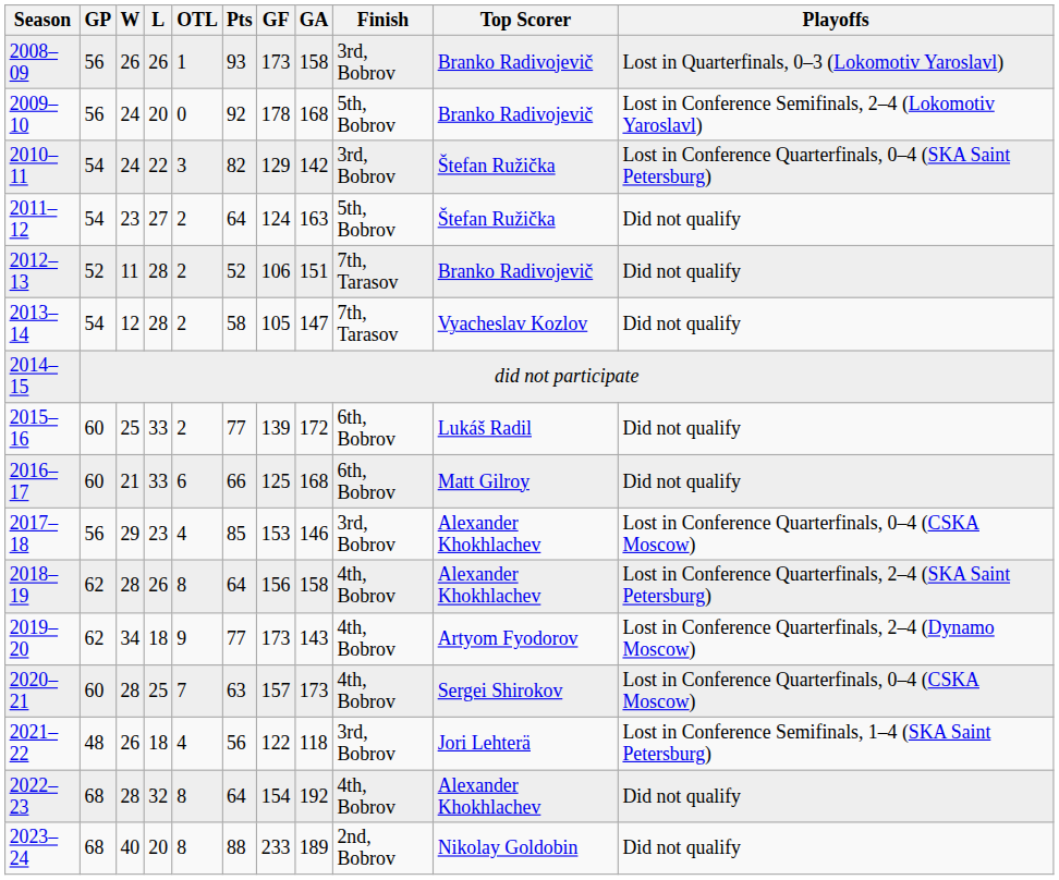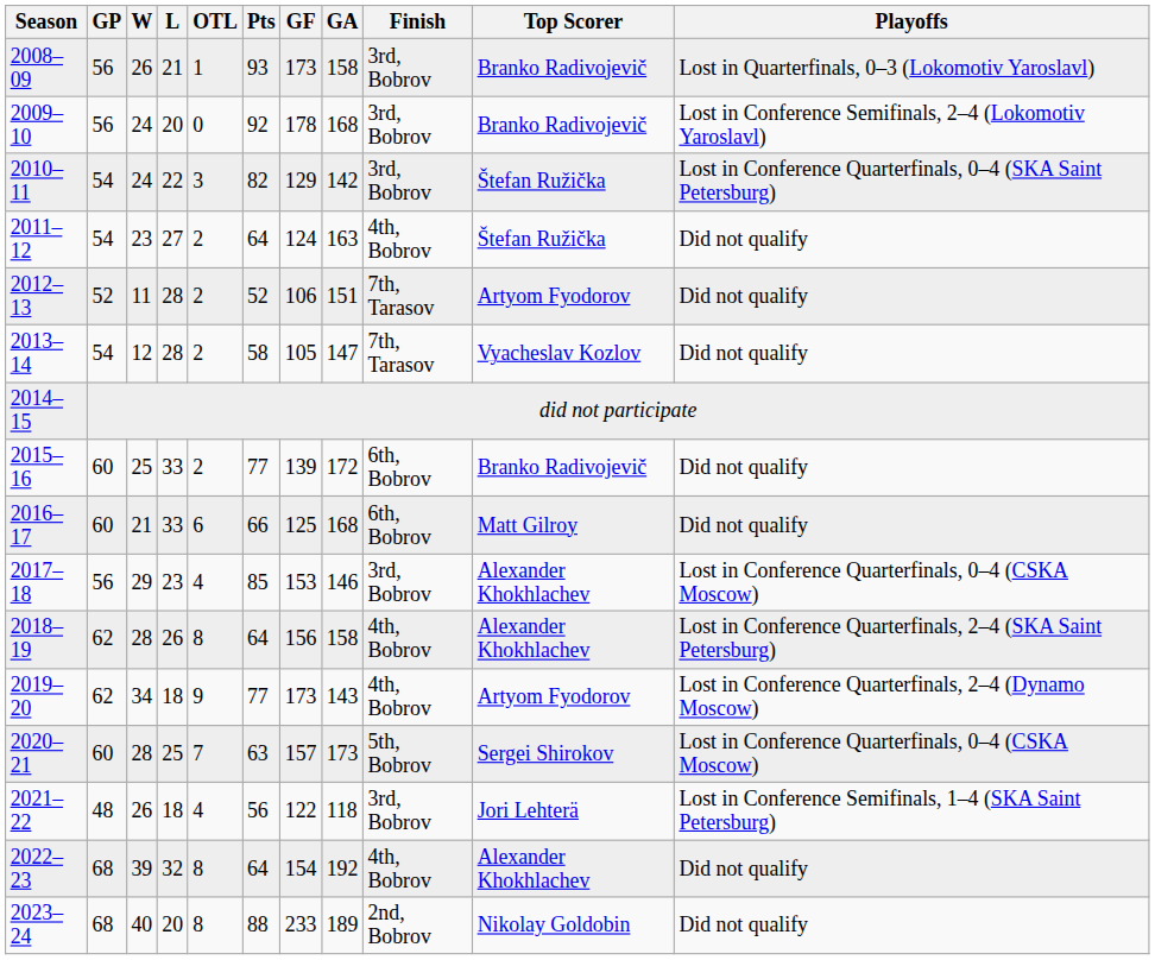 <table class="wikitable">
 <tr>
 <th>Season</th>
 <th>GP</th>
 <th>W</th>
 <th>L</th>
 <th>OTL</th>
 <th>Pts</th>
 <th>GF</th>
 <th>GA</th>
 <th>Finish</th>
 <th>Top Scorer</th>
 <th>Playoffs</th>
 </tr>
 <tr style="background:#eee;">
 <td><a href='#'>2008–09</a></td>
 <td>56</td>
 <td>26</td>
-<td>26</td>
+<td>21</td>
 <td>1</td>
 <td>93</td>
 <td>173</td>
 <td>158</td>
 <td>3rd, Bobrov</td>
 <td><a href='#'>Branko Radivojevič</a> </td>
 <td>Lost in Quarterfinals, 0–3 (<a href='#'>Lokomotiv Yaroslavl</a>)</td>
 </tr>
 <tr>
 <td><a href='#'>2009–10</a></td>
 <td>56</td>
 <td>24</td>
 <td>20</td>
 <td>0</td>
 <td>92</td>
 <td>178</td>
 <td>168</td>
-<td>5th, Bobrov</td>
+<td>3rd, Bobrov</td>
 <td><a href='#'>Branko Radivojevič</a> </td>
 <td>Lost in Conference Semifinals, 2–4 (<a href='#'>Lokomotiv Yaroslavl</a>)</td>
 </tr>
 <tr style="background:#eee;">
 <td><a href='#'>2010–11</a></td>
 <td>54</td>
 <td>24</td>
 <td>22</td>
 <td>3</td>
 <td>82</td>
 <td>129</td>
 <td>142</td>
 <td>3rd, Bobrov</td>
 <td><a href='#'>Štefan Ružička</a> </td>
 <td>Lost in Conference Quarterfinals, 0–4 (<a href='#'>SKA Saint Petersburg</a>)</td>
 </tr>
 <tr>
 <td><a href='#'>2011–12</a></td>
 <td>54</td>
 <td>23</td>
 <td>27</td>
 <td>2</td>
 <td>64</td>
 <td>124</td>
 <td>163</td>
-<td>5th, Bobrov</td>
+<td>4th, Bobrov</td>
 <td><a href='#'>Štefan Ružička</a> </td>
 <td>Did not qualify</td>
 </tr>
 <tr style="background:#eee;">
 <td><a href='#'>2012–13</a></td>
 <td>52</td>
 <td>11</td>
 <td>28</td>
 <td>2</td>
 <td>52</td>
 <td>106</td>
 <td>151</td>
 <td>7th, Tarasov</td>
-<td><a href='#'>Branko Radivojevič</a> </td>
+<td><a href='#'>Artyom Fyodorov</a> </td>
 <td>Did not qualify</td>
 </tr>
 <tr>
 <td><a href='#'>2013–14</a></td>
 <td>54</td>
 <td>12</td>
 <td>28</td>
 <td>2</td>
 <td>58</td>
 <td>105</td>
 <td>147</td>
 <td>7th, Tarasov</td>
 <td><a href='#'>Vyacheslav Kozlov</a> </td>
 <td>Did not qualify</td>
 </tr>
 <tr style="background:#eee;">
 <td><a href='#'>2014–15</a></td>
 <td align="center" colspan="10"><em>did not participate</em></td>
 </tr>
 <tr>
 <td><a href='#'>2015–16</a></td>
 <td>60</td>
 <td>25</td>
 <td>33</td>
 <td>2</td>
 <td>77</td>
 <td>139</td>
 <td>172</td>
 <td>6th, Bobrov</td>
-<td><a href='#'>Lukáš Radil</a> </td>
+<td><a href='#'>Branko Radivojevič</a> </td>
 <td>Did not qualify</td>
 </tr>
 <tr style="background:#eee;">
 <td><a href='#'>2016–17</a></td>
 <td>60</td>
 <td>21</td>
 <td>33</td>
 <td>6</td>
 <td>66</td>
 <td>125</td>
 <td>168</td>
 <td>6th, Bobrov</td>
 <td><a href='#'>Matt Gilroy</a> </td>
 <td>Did not qualify</td>
 </tr>
 <tr>
 <td><a href='#'>2017–18</a></td>
 <td>56</td>
 <td>29</td>
 <td>23</td>
 <td>4</td>
 <td>85</td>
 <td>153</td>
 <td>146</td>
 <td>3rd, Bobrov</td>
 <td><a href='#'>Alexander Khokhlachev</a> </td>
 <td>Lost in Conference Quarterfinals, 0–4 (<a href='#'>CSKA Moscow</a>)</td>
 </tr>
 <tr style="background:#eee;">
 <td><a href='#'>2018–19</a></td>
 <td>62</td>
 <td>28</td>
 <td>26</td>
 <td>8</td>
 <td>64</td>
 <td>156</td>
 <td>158</td>
 <td>4th, Bobrov</td>
 <td><a href='#'>Alexander Khokhlachev</a> </td>
 <td>Lost in Conference Quarterfinals, 2–4 (<a href='#'>SKA Saint Petersburg</a>)</td>
 </tr>
 <tr>
 <td><a href='#'>2019–20</a></td>
 <td>62</td>
 <td>34</td>
 <td>18</td>
 <td>9</td>
 <td>77</td>
 <td>173</td>
 <td>143</td>
 <td>4th, Bobrov</td>
 <td><a href='#'>Artyom Fyodorov</a> </td>
 <td>Lost in Conference Quarterfinals, 2–4 (<a href='#'>Dynamo Moscow</a>)</td>
 </tr>
 <tr style="background:#eee;">
 <td><a href='#'>2020–21</a></td>
 <td>60</td>
 <td>28</td>
 <td>25</td>
 <td>7</td>
 <td>63</td>
 <td>157</td>
 <td>173</td>
-<td>4th, Bobrov</td>
+<td>5th, Bobrov</td>
 <td><a href='#'>Sergei Shirokov</a> </td>
 <td>Lost in Conference Quarterfinals, 0–4 (<a href='#'>CSKA Moscow</a>)</td>
 </tr>
 <tr>
 <td><a href='#'>2021–22</a></td>
 <td>48</td>
 <td>26</td>
 <td>18</td>
 <td>4</td>
 <td>56</td>
 <td>122</td>
 <td>118</td>
 <td>3rd, Bobrov</td>
 <td><a href='#'>Jori Lehterä</a> </td>
 <td>Lost in Conference Semifinals, 1–4 (<a href='#'>SKA Saint Petersburg</a>)</td>
 </tr>
 <tr style="background:#eee;">
 <td><a href='#'>2022–23</a></td>
 <td>68</td>
-<td>28</td>
+<td>39</td>
 <td>32</td>
 <td>8</td>
 <td>64</td>
 <td>154</td>
 <td>192</td>
 <td>4th, Bobrov</td>
 <td><a href='#'>Alexander Khokhlachev</a> </td>
 <td>Did not qualify</td>
 </tr>
 <tr>
 <td><a href='#'>2023–24</a></td>
 <td>68</td>
 <td>40</td>
 <td>20</td>
 <td>8</td>
 <td>88</td>
 <td>233</td>
 <td>189</td>
 <td>2nd, Bobrov</td>
 <td><a href='#'>Nikolay Goldobin</a> </td>
 <td>Did not qualify</td>
 </tr>
 </table>
